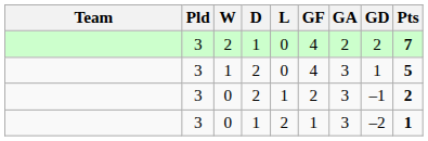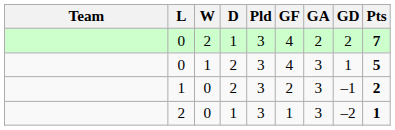 <table class="wikitable" style="text-align:center;">
 <tr>
 <th width=165>Team</th>
-<th width=20>Pld</th>
+<th width=20>L</th>
 <th width=20>W</th>
 <th width=20>D</th>
-<th width=20>L</th>
+<th width=20>Pld</th>
 <th width=20>GF</th>
 <th width=20>GA</th>
 <th width=20>GD</th>
 <th width=20>Pts<br></th>
 </tr>
 <tr align=center bgcolor="ccffcc">
 <td style="text-align:left;"></td>
-<td>3</td>
+<td>0</td>
 <td>2</td>
 <td>1</td>
-<td>0</td>
+<td>3</td>
 <td>4</td>
 <td>2</td>
 <td>2</td>
 <td><strong>7</strong></td>
 </tr>
 <tr align=center>
 <td style="text-align:left;"></td>
-<td>3</td>
+<td>0</td>
 <td>1</td>
 <td>2</td>
-<td>0</td>
+<td>3</td>
 <td>4</td>
 <td>3</td>
 <td>1</td>
 <td><strong>5</strong></td>
 </tr>
 <tr align=center>
 <td style="text-align:left;"></td>
-<td>3</td>
+<td>1</td>
 <td>0</td>
 <td>2</td>
-<td>1</td>
+<td>3</td>
 <td>2</td>
 <td>3</td>
 <td>–1</td>
 <td><strong>2</strong></td>
 </tr>
 <tr align=center>
 <td style="text-align:left;"></td>
-<td>3</td>
+<td>2</td>
 <td>0</td>
 <td>1</td>
-<td>2</td>
+<td>3</td>
 <td>1</td>
 <td>3</td>
 <td>–2</td>
 <td><strong>1</strong></td>
 </tr>
 </table>
